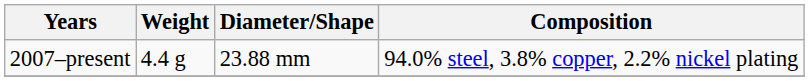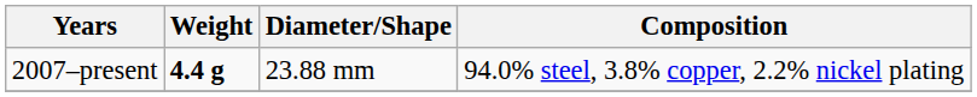 <table class="wikitable">
 <tr>
 <th>Years</th>
 <th>Weight</th>
 <th>Diameter/Shape</th>
 <th>Composition</th>
 </tr>
 <tr>
 <td>2007–present</td>
-<td>4.4 g</td>
+<td><strong>4.4 g</strong></td>
 <td>23.88 mm</td>
 <td>94.0% <a href='#'>steel</a>, 3.8% <a href='#'>copper</a>, 2.2% <a href='#'>nickel</a> plating</td>
 </tr>
 <tr>
 </tr>
 </table>
